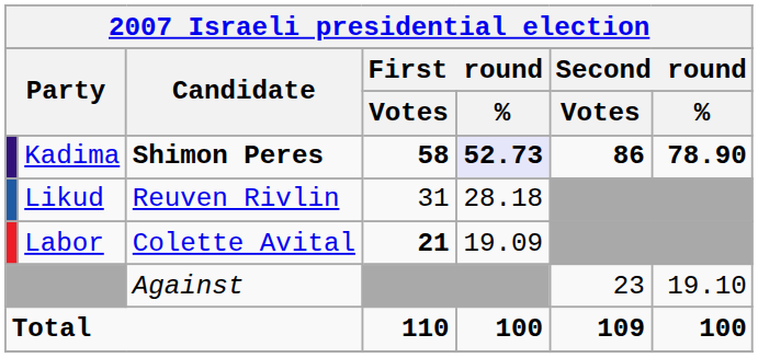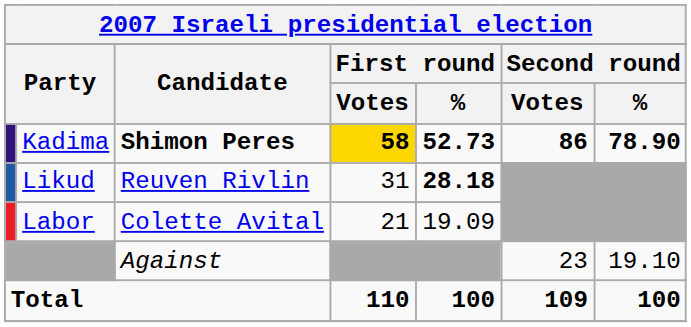 <table class="wikitable">
 <tr>
 <th colspan="9"><a href='#'>2007 Israeli presidential election</a></th>
 </tr>
 <tr>
 </tr>
 <tr>
 <th colspan="2" rowspan="2">Party</th>
 <th colspan="1" rowspan="2">Candidate</th>
 <th colspan="2"><strong>First round</strong></th>
 <th colspan="2"><strong>Second round</strong></th>
 </tr>
 <tr>
 <th>Votes</th>
 <th>%</th>
 <th>Votes</th>
 <th>%</th>
 </tr>
 <tr>
 <td style="background:#32127A"></td>
 <td><a href='#'>Kadima</a></td>
 <td><strong>Shimon Peres</strong></td>
-<td align="right"><strong>58</strong></td>
-<td align="right" style="background: lavender;"><strong>52.73</strong></td>
+<td align="right" style="background: gold;"><strong>58</strong></td>
+<td align="right"><strong>52.73</strong></td>
 <td align="right"><strong>86</strong></td>
 <td align="right"><strong>78.90</strong></td>
 </tr>
 <tr>
 <td style="background:#1f5aa5"></td>
 <td><a href='#'>Likud</a></td>
 <td><a href='#'>Reuven Rivlin</a></td>
 <td align="right">31</td>
-<td align="right">28.18</td>
+<td align="right"><strong>28.18</strong></td>
 <td colspan="2" bgcolor="darkgray"></td>
 </tr>
 <tr>
 <td style="background:#EE1C25"></td>
 <td><a href='#'>Labor</a></td>
 <td><a href='#'>Colette Avital</a></td>
-<td align="right"><strong>21</strong></td>
+<td align="right">21</td>
 <td align="right">19.09</td>
 <td colspan="2" bgcolor="darkgray"></td>
 </tr>
 <tr>
 <td colspan="2" bgcolor="darkgray"></td>
 <td><em>Against</em></td>
 <td colspan="2" bgcolor="darkgray"></td>
 <td align="right">23</td>
 <td align="right">19.10</td>
 </tr>
 <tr>
 <td colspan="3"><strong>Total</strong></td>
 <td align="right"><strong>110</strong></td>
 <td align="right"><strong>100</strong></td>
 <td align="right"><strong>109</strong></td>
 <td align="right"><strong>100</strong></td>
 </tr>
 <tr>
 </tr>
 </table>
